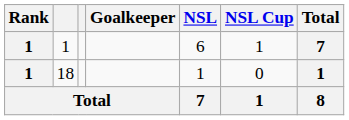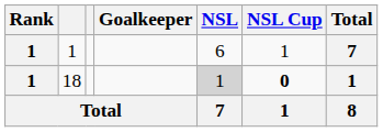 <table class="wikitable sortable" style="text-align:center">
 <tr>
 <th>Rank</th>
 <th></th>
 <th></th>
 <th>Goalkeeper</th>
 <th><a href='#'>NSL</a></th>
 <th><a href='#'>NSL Cup</a></th>
 <th>Total</th>
 </tr>
 <tr>
 <th>1</th>
 <td>1</td>
 <td></td>
 <td align="left"></td>
 <td>6</td>
 <td>1</td>
 <th>7</th>
 </tr>
 <tr>
 <th>1</th>
 <td>18</td>
 <td></td>
 <td align="left"></td>
-<td>1</td>
-<td>0</td>
+<td style="background: lightgrey;">1</td>
+<td><strong>0</strong></td>
 <th>1</th>
 </tr>
 <tr>
 <th colspan="4">Total</th>
 <th>7</th>
 <th>1</th>
 <th>8</th>
 </tr>
 </table>
